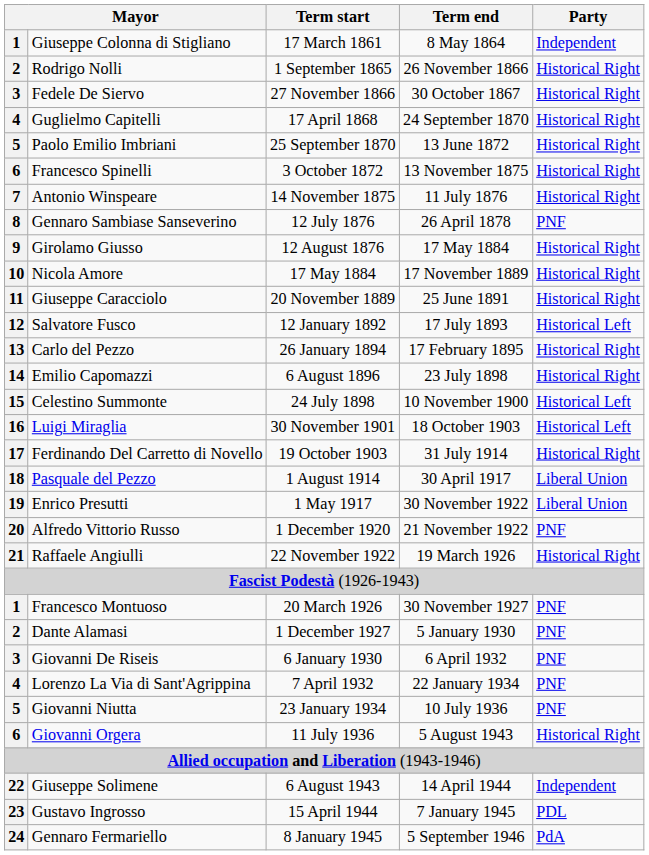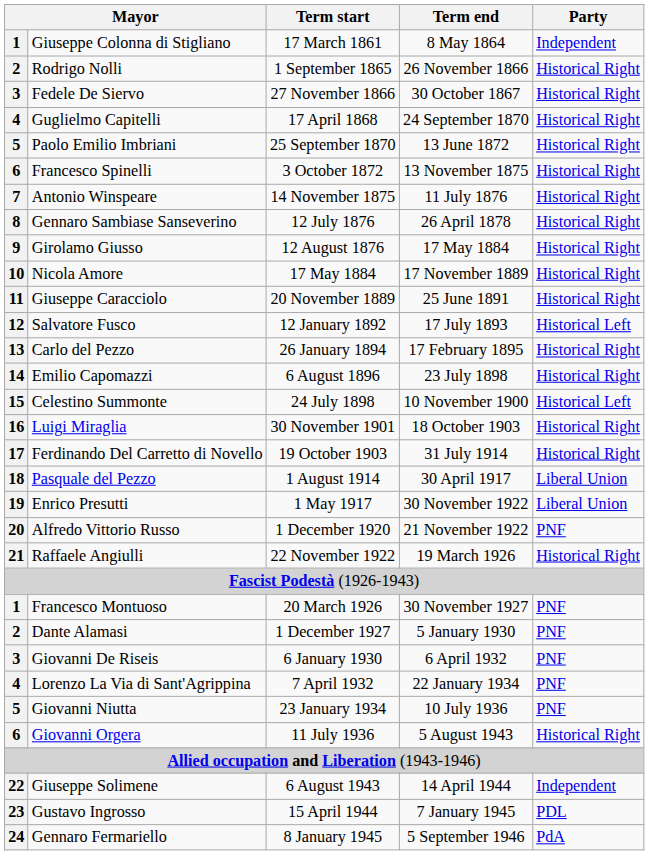 <table class="wikitable">
 <tr>
 <th colspan="2" class="unsortable">Mayor</th>
 <th>Term start</th>
 <th>Term end</th>
 <th>Party</th>
 </tr>
 <tr>
 <th style="background:">1</th>
 <td>Giuseppe Colonna di Stigliano</td>
 <td align=center>17 March 1861</td>
 <td align=center>8 May 1864</td>
 <td><a href='#'>Independent</a></td>
 </tr>
 <tr>
 <th style="background:">2</th>
 <td>Rodrigo Nolli</td>
 <td align=center>1 September 1865</td>
 <td align=center>26 November 1866</td>
 <td><a href='#'>Historical Right</a></td>
 </tr>
 <tr>
 <th style="background:">3</th>
 <td>Fedele De Siervo</td>
 <td align=center>27 November 1866</td>
 <td align=center>30 October 1867</td>
 <td><a href='#'>Historical Right</a></td>
 </tr>
 <tr>
 <th style="background:">4</th>
 <td>Guglielmo Capitelli</td>
 <td align=center>17 April 1868</td>
 <td align=center>24 September 1870</td>
 <td><a href='#'>Historical Right</a></td>
 </tr>
 <tr>
 <th style="background:">5</th>
 <td>Paolo Emilio Imbriani</td>
 <td align=center>25 September 1870</td>
 <td align=center>13 June 1872</td>
 <td><a href='#'>Historical Right</a></td>
 </tr>
 <tr>
 <th style="background:">6</th>
 <td>Francesco Spinelli</td>
 <td align=center>3 October 1872</td>
 <td align=center>13 November 1875</td>
 <td><a href='#'>Historical Right</a></td>
 </tr>
 <tr>
 <th style="background:">7</th>
 <td>Antonio Winspeare</td>
 <td align=center>14 November 1875</td>
 <td align=center>11 July 1876</td>
 <td><a href='#'>Historical Right</a></td>
 </tr>
 <tr>
 <th style="background:">8</th>
 <td>Gennaro Sambiase Sanseverino</td>
 <td align=center>12 July 1876</td>
 <td align=center>26 April 1878</td>
-<td><a href='#'>PNF</a></td>
+<td><a href='#'>Historical Right</a></td>
 </tr>
 <tr>
 <th style="background:">9</th>
 <td>Girolamo Giusso</td>
 <td align=center>12 August 1876</td>
 <td align=center>17 May 1884</td>
 <td><a href='#'>Historical Right</a></td>
 </tr>
 <tr>
 <th style="background:">10</th>
 <td>Nicola Amore</td>
 <td align=center>17 May 1884</td>
 <td align=center>17 November 1889</td>
 <td><a href='#'>Historical Right</a></td>
 </tr>
 <tr>
 <th style="background:">11</th>
 <td>Giuseppe Caracciolo</td>
 <td align=center>20 November 1889</td>
 <td align=center>25 June 1891</td>
 <td><a href='#'>Historical Right</a></td>
 </tr>
 <tr>
 <th style="background:">12</th>
 <td>Salvatore Fusco</td>
 <td align=center>12 January 1892</td>
 <td align=center>17 July 1893</td>
 <td><a href='#'>Historical Left</a></td>
 </tr>
 <tr>
 <th style="background:">13</th>
 <td>Carlo del Pezzo</td>
 <td align=center>26 January 1894</td>
 <td align=center>17 February 1895</td>
 <td><a href='#'>Historical Right</a></td>
 </tr>
 <tr>
 <th style="background:">14</th>
 <td>Emilio Capomazzi</td>
 <td align=center>6 August 1896</td>
 <td align=center>23 July 1898</td>
 <td><a href='#'>Historical Right</a></td>
 </tr>
 <tr>
 <th style="background:">15</th>
 <td>Celestino Summonte</td>
 <td align=center>24 July 1898</td>
 <td align=center>10 November 1900</td>
 <td><a href='#'>Historical Left</a></td>
 </tr>
 <tr>
 <th style="background:">16</th>
 <td><a href='#'>Luigi Miraglia</a></td>
 <td align=center>30 November 1901</td>
 <td align=center>18 October 1903</td>
-<td><a href='#'>Historical Left</a></td>
+<td><a href='#'>Historical Right</a></td>
 </tr>
 <tr>
 <th style="background:">17</th>
 <td>Ferdinando Del Carretto di Novello</td>
 <td align=center>19 October 1903</td>
 <td align=center>31 July 1914</td>
 <td><a href='#'>Historical Right</a></td>
 </tr>
 <tr>
 <th style="background:">18</th>
 <td><a href='#'>Pasquale del Pezzo</a></td>
 <td align=center>1 August 1914</td>
 <td align=center>30 April 1917</td>
 <td><a href='#'>Liberal Union</a></td>
 </tr>
 <tr>
 <th style="background:">19</th>
 <td>Enrico Presutti</td>
 <td align=center>1 May 1917</td>
 <td align=center>30 November 1922</td>
 <td><a href='#'>Liberal Union</a></td>
 </tr>
 <tr>
 <th style="background:">20</th>
 <td>Alfredo Vittorio Russo</td>
 <td align=center>1 December 1920</td>
 <td align=center>21 November 1922</td>
 <td><a href='#'>PNF</a></td>
 </tr>
 <tr>
 <th style="background:">21</th>
 <td>Raffaele Angiulli</td>
 <td align=center>22 November 1922</td>
 <td align=center>19 March 1926</td>
 <td><a href='#'>Historical Right</a></td>
 </tr>
 <tr>
 <td colspan="8" bgcolor="lightgrey" align=center><strong><a href='#'>Fascist Podestà</a></strong> (1926-1943)</td>
 </tr>
 <tr>
 <th style="background:">1</th>
 <td>Francesco Montuoso</td>
 <td align=center>20 March 1926</td>
 <td align=center>30 November 1927</td>
 <td><a href='#'>PNF</a></td>
 </tr>
 <tr>
 <th style="background:">2</th>
 <td>Dante Alamasi</td>
 <td align=center>1 December 1927</td>
 <td align=center>5 January 1930</td>
 <td><a href='#'>PNF</a></td>
 </tr>
 <tr>
 <th style="background:">3</th>
 <td>Giovanni De Riseis</td>
 <td align=center>6 January 1930</td>
 <td align=center>6 April 1932</td>
 <td><a href='#'>PNF</a></td>
 </tr>
 <tr>
 <th style="background:">4</th>
 <td>Lorenzo La Via di Sant'Agrippina</td>
 <td align=center>7 April 1932</td>
 <td align=center>22 January 1934</td>
 <td><a href='#'>PNF</a></td>
 </tr>
 <tr>
 <th style="background:">5</th>
 <td>Giovanni Niutta</td>
 <td align=center>23 January 1934</td>
 <td align=center>10 July 1936</td>
 <td><a href='#'>PNF</a></td>
 </tr>
 <tr>
 <th style="background:">6</th>
 <td><a href='#'>Giovanni Orgera</a></td>
 <td align=center>11 July 1936</td>
 <td align=center>5 August 1943</td>
 <td><a href='#'>Historical Right</a></td>
 </tr>
 <tr>
 <td colspan="8" bgcolor="lightgrey" align=center><strong><a href='#'>Allied occupation</a> and <a href='#'>Liberation</a></strong> (1943-1946)</td>
 </tr>
 <tr>
 <th style="background:">22</th>
 <td>Giuseppe Solimene</td>
 <td align=center>6 August 1943</td>
 <td align=center>14 April 1944</td>
 <td><a href='#'>Independent</a></td>
 </tr>
 <tr>
 <th style="background:">23</th>
 <td>Gustavo Ingrosso</td>
 <td align=center>15 April 1944</td>
 <td align=center>7 January 1945</td>
 <td><a href='#'>PDL</a></td>
 </tr>
 <tr>
 <th style="background:">24</th>
 <td>Gennaro Fermariello</td>
 <td align=center>8 January 1945</td>
 <td align=center>5 September 1946</td>
 <td><a href='#'>PdA</a></td>
 </tr>
 </table>
